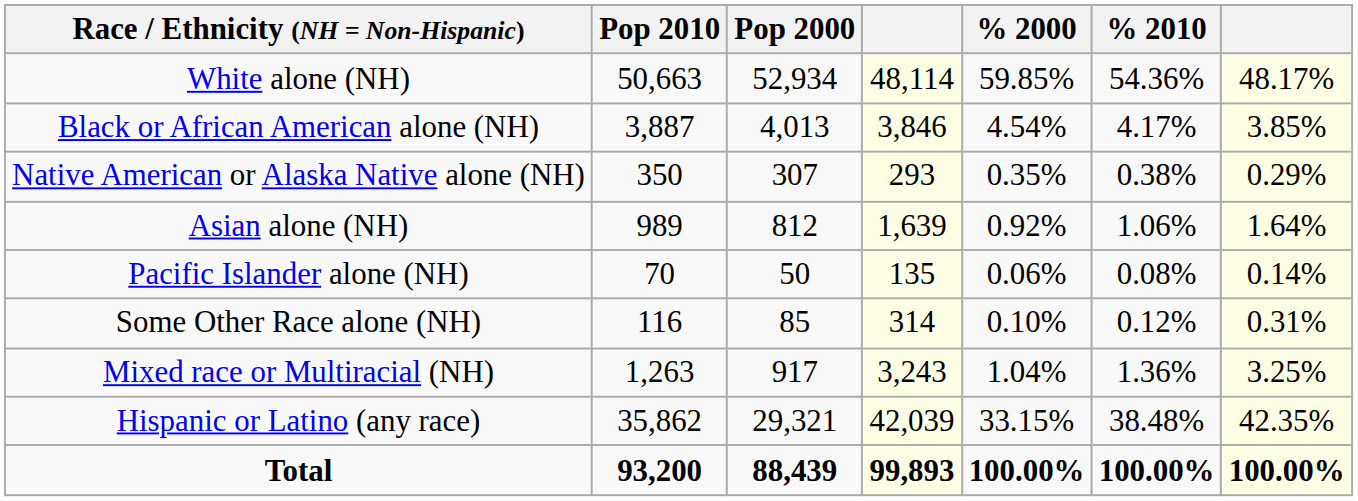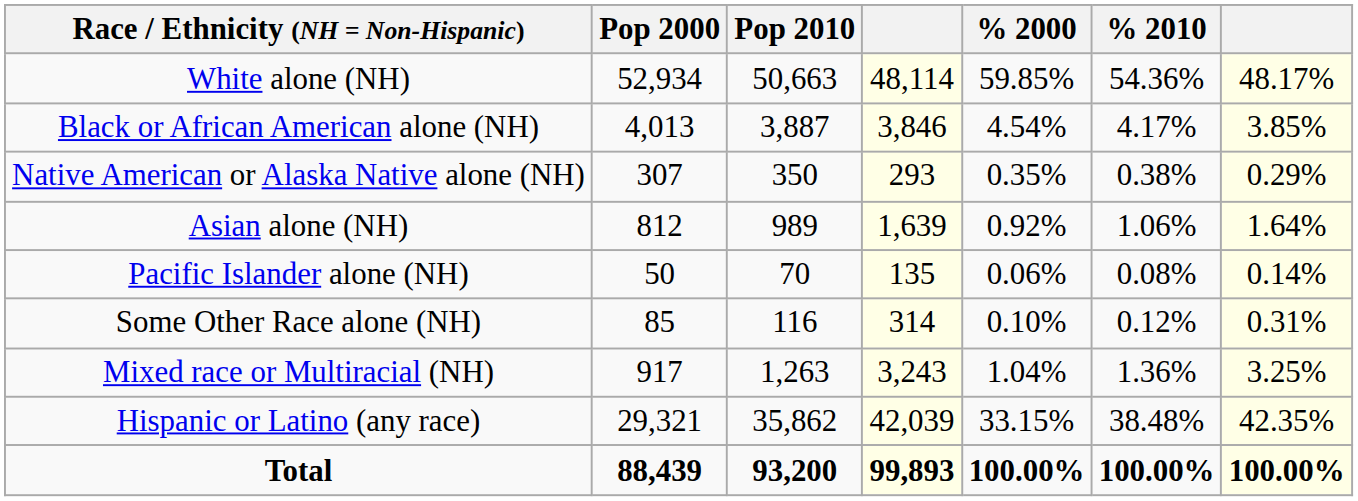 <table class="wikitable" style="text-align:center;">
 <tr>
 <th>Race / Ethnicity <small>(<em>NH = Non-Hispanic</em>)</small></th>
+<th>Pop 2000</th>
 <th>Pop 2010</th>
-<th>Pop 2000</th>
 <th></th>
 <th>% 2000</th>
 <th>% 2010</th>
 <th></th>
 </tr>
 <tr>
 <td><a href='#'>White</a> alone (NH)</td>
+<td>52,934</td>
 <td>50,663</td>
-<td>52,934</td>
 <td style='background: #ffffe6;'>48,114</td>
 <td>59.85%</td>
 <td>54.36%</td>
 <td style='background: #ffffe6;'>48.17%</td>
 </tr>
 <tr>
 <td><a href='#'>Black or African American</a> alone (NH)</td>
+<td>4,013</td>
 <td>3,887</td>
-<td>4,013</td>
 <td style='background: #ffffe6;'>3,846</td>
 <td>4.54%</td>
 <td>4.17%</td>
 <td style='background: #ffffe6;'>3.85%</td>
 </tr>
 <tr>
 <td><a href='#'>Native American</a> or <a href='#'>Alaska Native</a> alone (NH)</td>
+<td>307</td>
 <td>350</td>
-<td>307</td>
 <td style='background: #ffffe6;'>293</td>
 <td>0.35%</td>
 <td>0.38%</td>
 <td style='background: #ffffe6;'>0.29%</td>
 </tr>
 <tr>
 <td><a href='#'>Asian</a> alone (NH)</td>
+<td>812</td>
 <td>989</td>
-<td>812</td>
 <td style='background: #ffffe6;'>1,639</td>
 <td>0.92%</td>
 <td>1.06%</td>
 <td style='background: #ffffe6;'>1.64%</td>
 </tr>
 <tr>
 <td><a href='#'>Pacific Islander</a> alone (NH)</td>
+<td>50</td>
 <td>70</td>
-<td>50</td>
 <td style='background: #ffffe6;'>135</td>
 <td>0.06%</td>
 <td>0.08%</td>
 <td style='background: #ffffe6;'>0.14%</td>
 </tr>
 <tr>
 <td>Some Other Race alone (NH)</td>
+<td>85</td>
 <td>116</td>
-<td>85</td>
 <td style='background: #ffffe6;'>314</td>
 <td>0.10%</td>
 <td>0.12%</td>
 <td style='background: #ffffe6;'>0.31%</td>
 </tr>
 <tr>
 <td><a href='#'>Mixed race or Multiracial</a> (NH)</td>
+<td>917</td>
 <td>1,263</td>
-<td>917</td>
 <td style='background: #ffffe6;'>3,243</td>
 <td>1.04%</td>
 <td>1.36%</td>
 <td style='background: #ffffe6;'>3.25%</td>
 </tr>
 <tr>
 <td><a href='#'>Hispanic or Latino</a> (any race)</td>
+<td>29,321</td>
 <td>35,862</td>
-<td>29,321</td>
 <td style='background: #ffffe6;'>42,039</td>
 <td>33.15%</td>
 <td>38.48%</td>
 <td style='background: #ffffe6;'>42.35%</td>
 </tr>
 <tr>
 <td><strong>Total</strong></td>
+<td><strong>88,439</strong></td>
 <td><strong>93,200</strong></td>
-<td><strong>88,439</strong></td>
 <td style='background: #ffffe6;'><strong>99,893</strong></td>
 <td><strong>100.00%</strong></td>
 <td><strong>100.00%</strong></td>
 <td style='background: #ffffe6;'><strong>100.00%</strong></td>
 </tr>
 </table>
